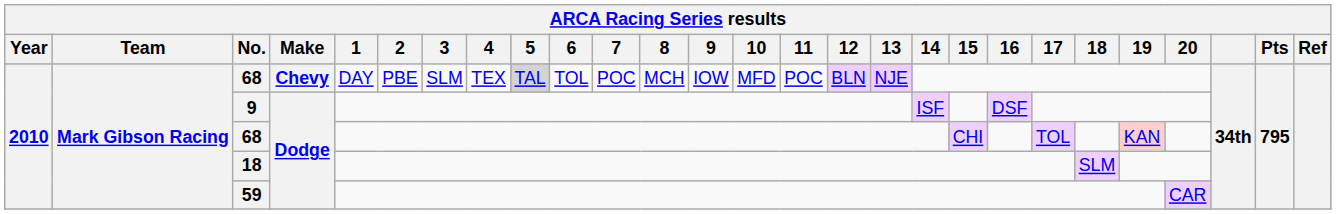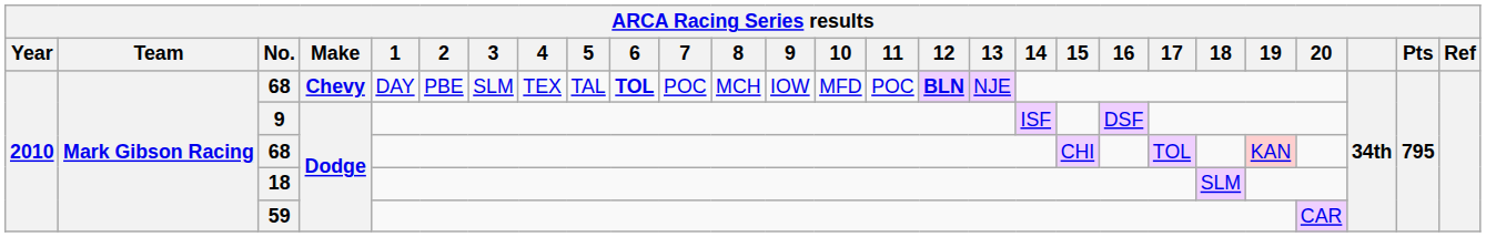 <table class="wikitable" style="text-align:center; font-size:75%">
 <tr>
 <th colspan=48><a href='#'>ARCA Racing Series</a> results</th>
 </tr>
 <tr>
 <th>Year</th>
 <th>Team</th>
 <th>No.</th>
 <th>Make</th>
 <th>1</th>
 <th>2</th>
 <th>3</th>
 <th>4</th>
 <th>5</th>
 <th>6</th>
 <th>7</th>
 <th>8</th>
 <th>9</th>
 <th>10</th>
 <th>11</th>
 <th>12</th>
 <th>13</th>
 <th>14</th>
 <th>15</th>
 <th>16</th>
 <th>17</th>
 <th>18</th>
 <th>19</th>
 <th>20</th>
 <th></th>
 <th>Pts</th>
 <th>Ref</th>
 </tr>
 <tr>
 <th rowspan=5><a href='#'>2010</a></th>
 <th rowspan=5><a href='#'>Mark Gibson Racing</a></th>
 <th>68</th>
 <th><a href='#'>Chevy</a></th>
 <td><a href='#'>DAY</a></td>
 <td><a href='#'>PBE</a></td>
 <td><a href='#'>SLM</a></td>
 <td><a href='#'>TEX</a></td>
-<td style="background: lightgrey;"><a href='#'>TAL</a></td>
-<td><a href='#'>TOL</a></td>
+<td><a href='#'>TAL</a></td>
+<td><strong><a href='#'>TOL</a></strong></td>
 <td><a href='#'>POC</a></td>
 <td><a href='#'>MCH</a></td>
 <td><a href='#'>IOW</a></td>
 <td><a href='#'>MFD</a></td>
 <td><a href='#'>POC</a></td>
-<td style="background:#EFCFFF;"><a href='#'>BLN</a><br></td>
+<td style="background:#EFCFFF;"><strong><a href='#'>BLN</a><br></strong></td>
 <td style="background:#EFCFFF;"><a href='#'>NJE</a><br></td>
 <td colspan=7></td>
 <th rowspan=5>34th</th>
 <th rowspan=5>795</th>
 <th rowspan=5></th>
 </tr>
 <tr>
 <th>9</th>
 <th rowspan=4><a href='#'>Dodge</a></th>
 <td colspan=13></td>
 <td style="background:#EFCFFF;"><a href='#'>ISF</a><br></td>
 <td></td>
 <td style="background:#EFCFFF;"><a href='#'>DSF</a><br></td>
 <td colspan=4></td>
 </tr>
 <tr>
 <th>68</th>
 <td colspan=14></td>
 <td style="background:#EFCFFF;"><a href='#'>CHI</a><br></td>
 <td></td>
 <td style="background:#EFCFFF;"><a href='#'>TOL</a><br></td>
 <td></td>
 <td style="background:#FFCFCF;"><a href='#'>KAN</a><br></td>
 </tr>
 <tr>
 <th>18</th>
 <td colspan=17></td>
 <td style="background:#EFCFFF;"><a href='#'>SLM</a><br></td>
 <td colspan=2></td>
 </tr>
 <tr>
 <th>59</th>
 <td colspan=19></td>
 <td style="background:#EFCFFF;"><a href='#'>CAR</a><br></td>
 </tr>
 </table>
